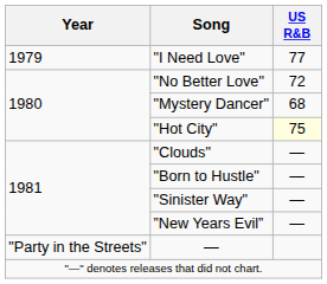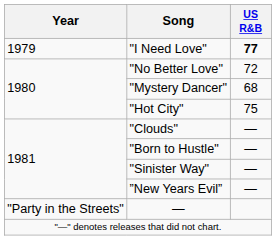 <table class="wikitable">
 <tr>
 <th>Year</th>
 <th>Song</th>
 <th style="width:45px;"><small><a href='#'>US R&B</a></small><br></th>
 </tr>
 <tr>
 <td>1979</td>
 <td>"I Need Love"</td>
-<td align=center>77</td>
+<td align=center><strong>77</strong></td>
 </tr>
 <tr>
 <td rowspan="3">1980</td>
 <td>"No Better Love"</td>
 <td align=center>72</td>
 </tr>
 <tr>
 <td>"Mystery Dancer"</td>
 <td align=center>68</td>
 </tr>
 <tr>
 <td>"Hot City"</td>
-<td align=center style="background: lightyellow;">75</td>
+<td align=center>75</td>
 </tr>
 <tr>
 <td rowspan="4">1981</td>
 <td>"Clouds"</td>
 <td align=center>—</td>
 </tr>
 <tr>
 <td>"Born to Hustle"</td>
 <td align=center>—</td>
 </tr>
 <tr>
 <td>"Sinister Way"</td>
 <td align=center>—</td>
 </tr>
 <tr>
 <td>”New Years Evil”</td>
 <td align=center>—</td>
 </tr>
 <tr>
 <td>"Party in the Streets"</td>
 <td align=center>—</td>
 </tr>
 <tr>
 <td colspan="5" style="text-align:center; font-size:9pt;">"—" denotes releases that did not chart.</td>
 </tr>
 </table>
